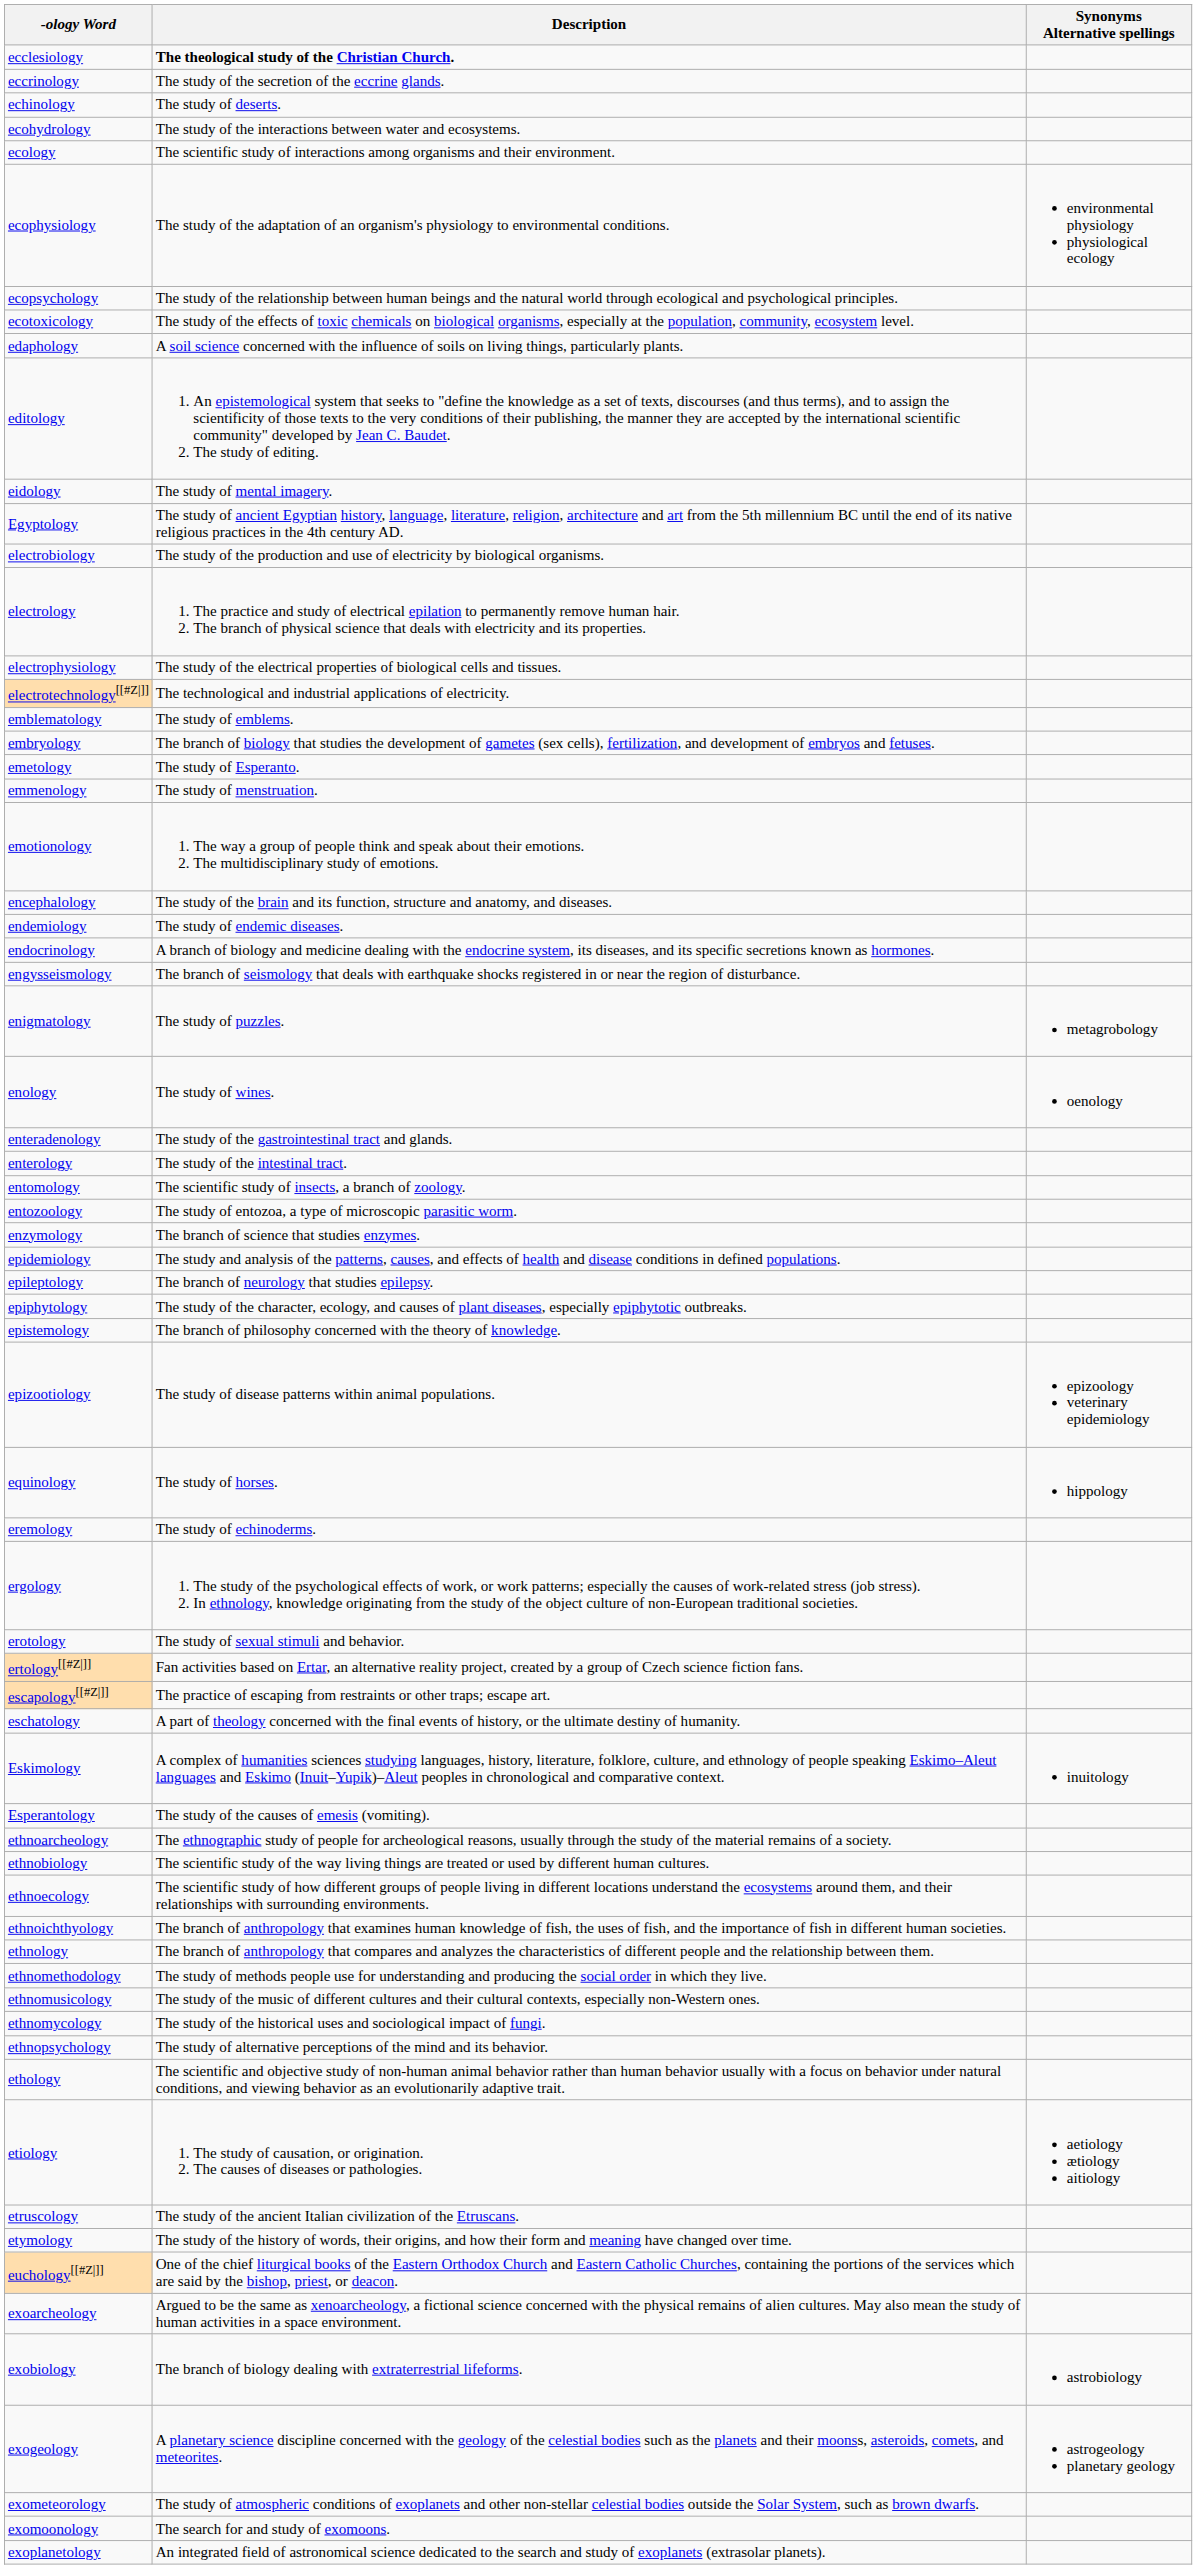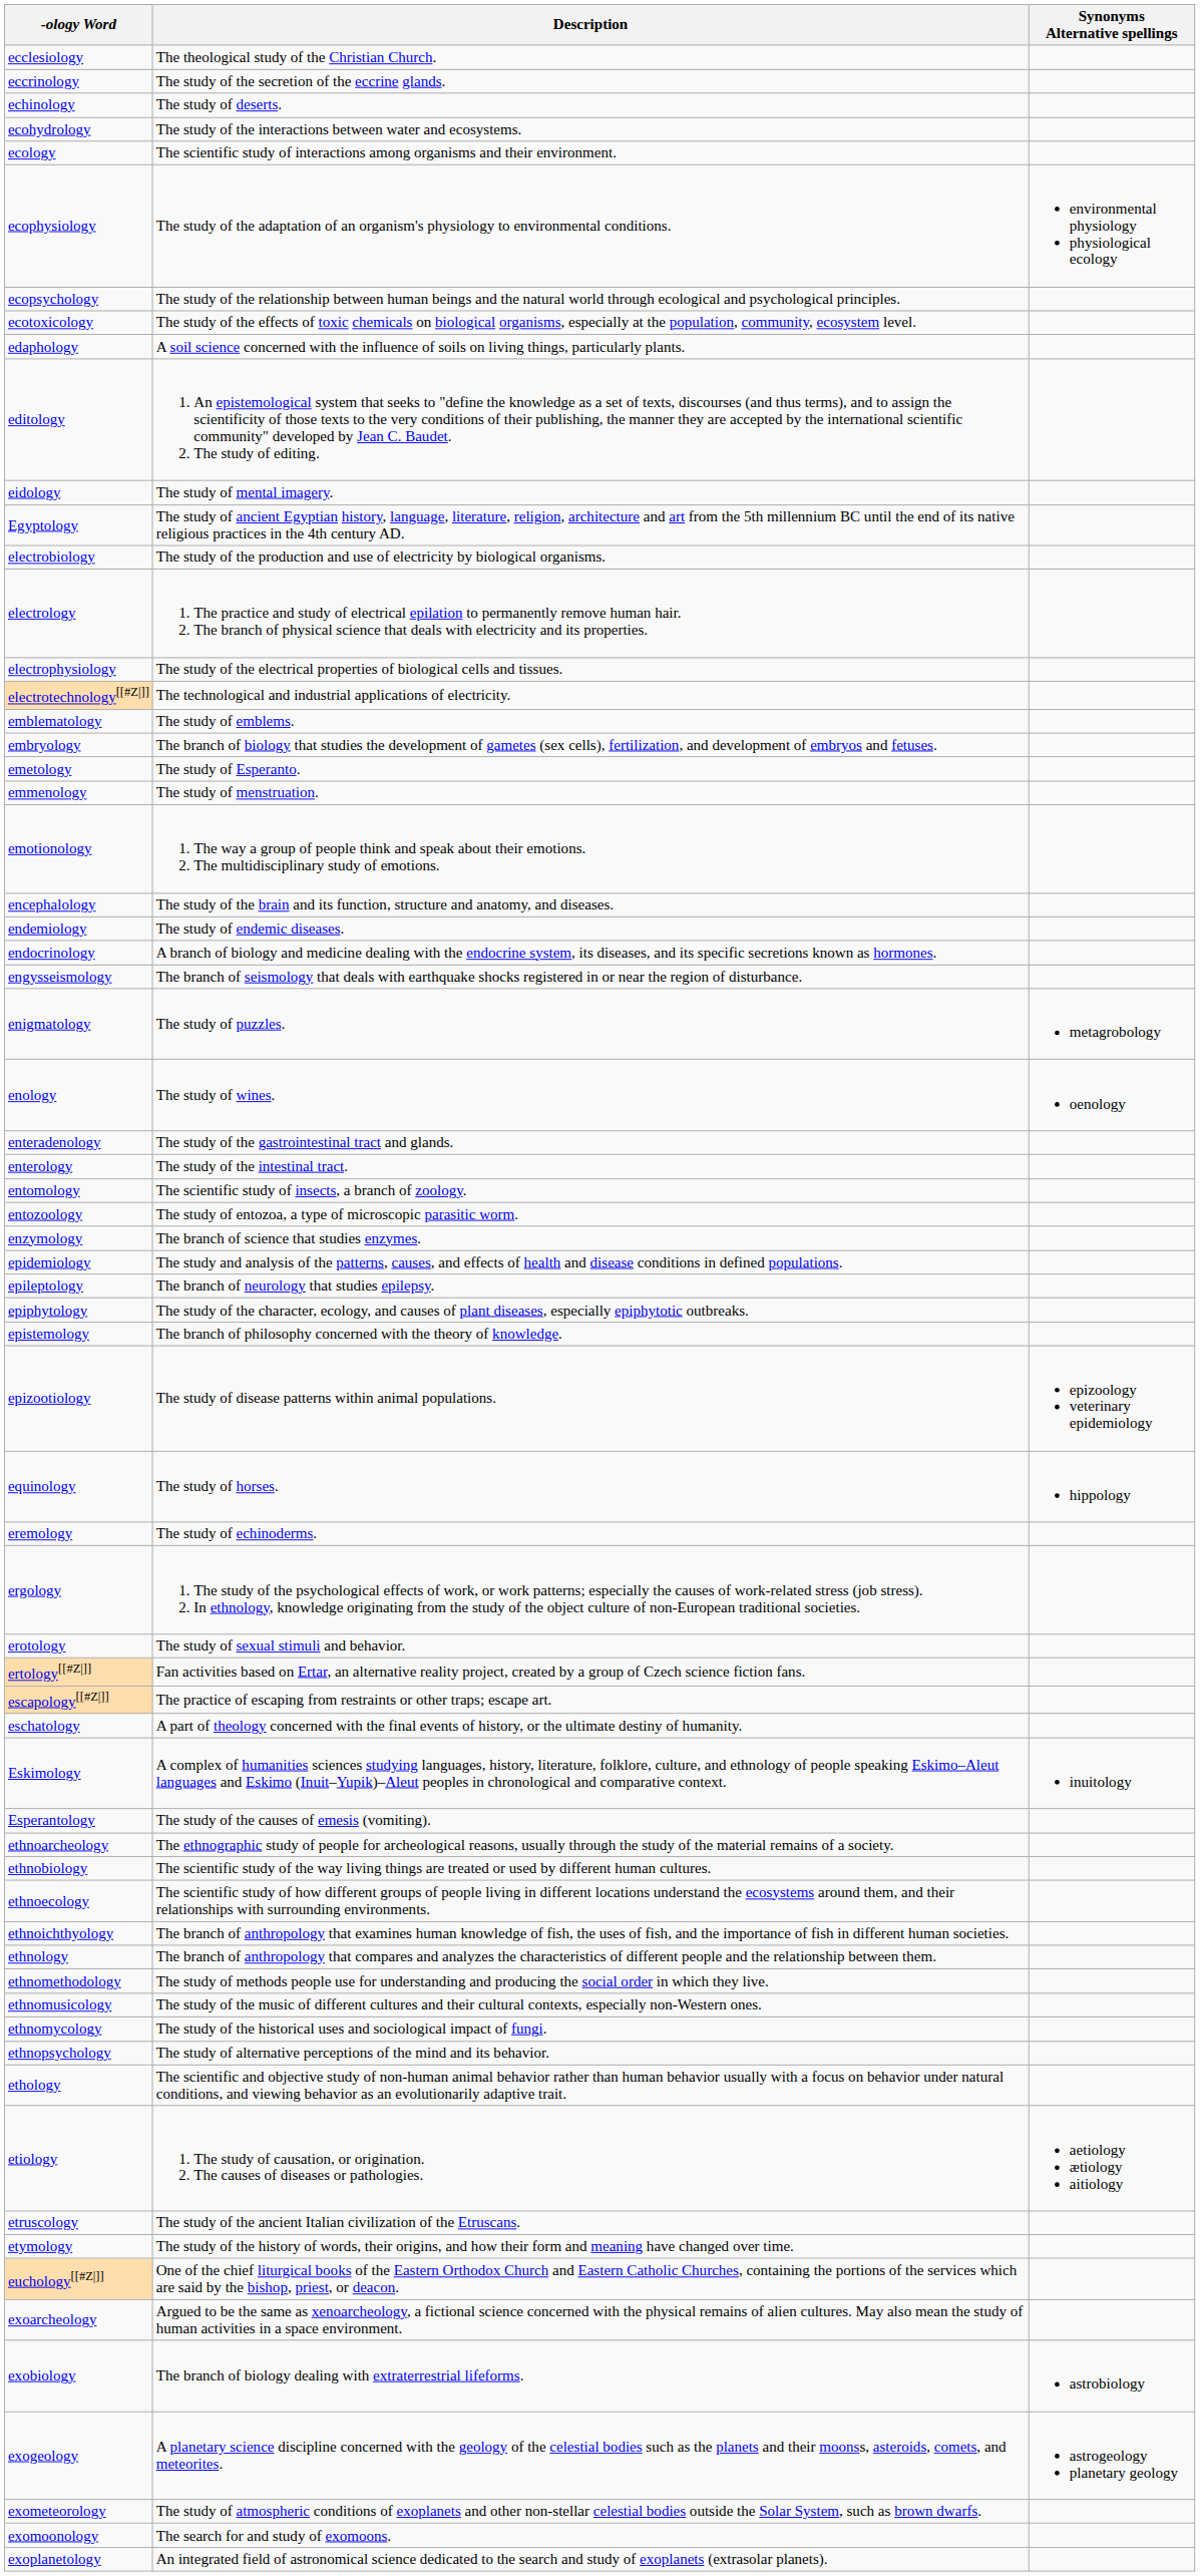 <table class="wikitable" style="width:100%;">
 <tr>
 <th><em>-ology Word</em></th>
 <th>Description</th>
 <th>Synonyms<br>Alternative spellings</th>
 </tr>
 <tr>
 <td><a href='#'>ecclesiology</a></td>
-<td><strong>The theological study of the <a href='#'>Christian Church</a>.</strong></td>
+<td>The theological study of the <a href='#'>Christian Church</a>.</td>
 <td></td>
 </tr>
 <tr>
 <td><a href='#'>eccrinology</a></td>
 <td>The study of the secretion of the <a href='#'>eccrine</a> <a href='#'>glands</a>.</td>
 <td></td>
 </tr>
 <tr>
 <td><a href='#'>echinology</a></td>
 <td>The study of <a href='#'>deserts</a>.</td>
 <td></td>
 </tr>
 <tr>
 <td><a href='#'>ecohydrology</a></td>
 <td>The study of the interactions between water and ecosystems.</td>
 <td></td>
 </tr>
 <tr>
 <td><a href='#'>ecology</a></td>
 <td>The scientific study of interactions among organisms and their environment.</td>
 <td></td>
 </tr>
 <tr>
 <td><a href='#'>ecophysiology</a></td>
 <td>The study of the adaptation of an organism's physiology to environmental conditions.</td>
 <td><br><ul><li>environmental physiology</li><li>physiological ecology</li></ul></td>
 </tr>
 <tr>
 <td><a href='#'>ecopsychology</a></td>
 <td>The study of the relationship between human beings and the natural world through ecological and psychological principles.</td>
 <td></td>
 </tr>
 <tr>
 <td><a href='#'>ecotoxicology</a></td>
 <td>The study of the effects of <a href='#'>toxic</a> <a href='#'>chemicals</a> on <a href='#'>biological</a> <a href='#'>organisms</a>, especially at the <a href='#'>population</a>, <a href='#'>community</a>, <a href='#'>ecosystem</a> level.</td>
 <td></td>
 </tr>
 <tr>
 <td><a href='#'>edaphology</a></td>
 <td>A <a href='#'>soil science</a> concerned with the influence of soils on living things, particularly plants.</td>
 <td></td>
 </tr>
 <tr>
 <td><a href='#'>editology</a></td>
 <td><br><ol><li>An <a href='#'>epistemological</a> system that seeks to "define the knowledge as a set of texts, discourses (and thus terms), and to assign the scientificity of those texts to the very conditions of their publishing, the manner they are accepted by the international scientific community" developed by <a href='#'>Jean C. Baudet</a>.</li><li>The study of editing.</li></ol></td>
 <td></td>
 </tr>
 <tr>
 <td><a href='#'>eidology</a></td>
 <td>The study of <a href='#'>mental imagery</a>.</td>
 <td></td>
 </tr>
 <tr>
 <td><a href='#'>Egyptology</a></td>
 <td>The study of <a href='#'>ancient Egyptian</a> <a href='#'>history</a>, <a href='#'>language</a>, <a href='#'>literature</a>, <a href='#'>religion</a>, <a href='#'>architecture</a> and <a href='#'>art</a> from the 5th millennium BC until the end of its native religious practices in the 4th century AD.</td>
 <td></td>
 </tr>
 <tr>
 <td><a href='#'>electrobiology</a></td>
 <td>The study of the production and use of electricity by biological organisms.</td>
 <td></td>
 </tr>
 <tr>
 <td><a href='#'>electrology</a></td>
 <td><br><ol><li>The practice and study of electrical <a href='#'>epilation</a> to permanently remove human hair.</li><li>The branch of physical science that deals with electricity and its properties.</li></ol></td>
 <td></td>
 </tr>
 <tr>
 <td><a href='#'>electrophysiology</a></td>
 <td>The study of the electrical properties of biological cells and tissues.</td>
 <td></td>
 </tr>
 <tr>
 <td style="background: #ffdead"><a href='#'>electrotechnology</a><sup>[[#Z|]]</sup></td>
 <td>The technological and industrial applications of electricity.</td>
 <td></td>
 </tr>
 <tr>
 <td><a href='#'>emblematology</a></td>
 <td>The study of <a href='#'>emblems</a>.</td>
 <td></td>
 </tr>
 <tr>
 <td><a href='#'>embryology</a></td>
 <td>The branch of <a href='#'>biology</a> that studies the development of <a href='#'>gametes</a> (sex cells), <a href='#'>fertilization</a>, and development of <a href='#'>embryos</a> and <a href='#'>fetuses</a>.</td>
 <td></td>
 </tr>
 <tr>
 <td><a href='#'>emetology</a></td>
 <td>The study of <a href='#'>Esperanto</a>.</td>
 <td></td>
 </tr>
 <tr>
 <td><a href='#'>emmenology</a></td>
 <td>The study of <a href='#'>menstruation</a>.</td>
 <td></td>
 </tr>
 <tr>
 <td><a href='#'>emotionology</a></td>
 <td><br><ol><li>The way a group of people think and speak about their emotions.</li><li>The multidisciplinary study of emotions.</li></ol></td>
 <td></td>
 </tr>
 <tr>
 <td><a href='#'>encephalology</a></td>
 <td>The study of the <a href='#'>brain</a> and its function, structure and anatomy, and diseases.</td>
 <td></td>
 </tr>
 <tr>
 <td><a href='#'>endemiology</a></td>
 <td>The study of <a href='#'>endemic diseases</a>.</td>
 <td></td>
 </tr>
 <tr>
 <td><a href='#'>endocrinology</a></td>
 <td>A branch of biology and medicine dealing with the <a href='#'>endocrine system</a>, its diseases, and its specific secretions known as <a href='#'>hormones</a>.</td>
 <td></td>
 </tr>
 <tr>
 <td><a href='#'>engysseismology</a></td>
 <td>The branch of <a href='#'>seismology</a> that deals with earthquake shocks registered in or near the region of disturbance.</td>
 <td></td>
 </tr>
 <tr>
 <td><a href='#'>enigmatology</a></td>
 <td>The study of <a href='#'>puzzles</a>.</td>
 <td><br><ul><li>metagrobology</li></ul></td>
 </tr>
 <tr>
 <td><a href='#'>enology</a></td>
 <td>The study of <a href='#'>wines</a>.</td>
 <td><br><ul><li>oenology</li></ul></td>
 </tr>
 <tr>
 <td><a href='#'>enteradenology</a></td>
 <td>The study of the <a href='#'>gastrointestinal tract</a> and glands.</td>
 <td></td>
 </tr>
 <tr>
 <td><a href='#'>enterology</a></td>
 <td>The study of the <a href='#'>intestinal tract</a>.</td>
 <td></td>
 </tr>
 <tr>
 <td><a href='#'>entomology</a></td>
 <td>The scientific study of <a href='#'>insects</a>, a branch of <a href='#'>zoology</a>.</td>
 <td></td>
 </tr>
 <tr>
 <td><a href='#'>entozoology</a></td>
 <td>The study of entozoa, a type of microscopic <a href='#'>parasitic worm</a>.</td>
 <td></td>
 </tr>
 <tr>
 <td><a href='#'>enzymology</a></td>
 <td>The branch of science that studies <a href='#'>enzymes</a>.</td>
 <td></td>
 </tr>
 <tr>
 <td><a href='#'>epidemiology</a></td>
 <td>The study and analysis of the <a href='#'>patterns</a>, <a href='#'>causes</a>, and effects of <a href='#'>health</a> and <a href='#'>disease</a> conditions in defined <a href='#'>populations</a>.</td>
 <td></td>
 </tr>
 <tr>
 <td><a href='#'>epileptology</a></td>
 <td>The branch of <a href='#'>neurology</a> that studies <a href='#'>epilepsy</a>.</td>
 <td></td>
 </tr>
 <tr>
 <td><a href='#'>epiphytology</a></td>
 <td>The study of the character, ecology, and causes of <a href='#'>plant diseases</a>, especially <a href='#'>epiphytotic</a> outbreaks.</td>
 <td></td>
 </tr>
 <tr>
 <td><a href='#'>epistemology</a></td>
 <td>The branch of philosophy concerned with the theory of <a href='#'>knowledge</a>.</td>
 <td></td>
 </tr>
 <tr>
 <td><a href='#'>epizootiology</a></td>
 <td>The study of disease patterns within animal populations.</td>
 <td><br><ul><li>epizoology</li><li>veterinary epidemiology</li></ul></td>
 </tr>
 <tr>
 <td><a href='#'>equinology</a></td>
 <td>The study of <a href='#'>horses</a>.</td>
 <td><br><ul><li>hippology</li></ul></td>
 </tr>
 <tr>
 <td><a href='#'>eremology</a></td>
 <td>The study of <a href='#'>echinoderms</a>.</td>
 <td></td>
 </tr>
 <tr>
 <td><a href='#'>ergology</a></td>
 <td><br><ol><li>The study of the psychological effects of work, or work patterns; especially the causes of work-related stress (job stress).</li><li>In <a href='#'>ethnology</a>, knowledge originating from the study of the object culture of non-European traditional societies.</li></ol></td>
 <td></td>
 </tr>
 <tr>
 <td><a href='#'>erotology</a></td>
 <td>The study of <a href='#'>sexual stimuli</a> and behavior.</td>
 <td></td>
 </tr>
 <tr>
 <td style="background: #ffdead"><a href='#'>ertology</a><sup>[[#Z|]]</sup></td>
 <td>Fan activities based on <a href='#'>Ertar</a>, an alternative reality project, created by a group of Czech science fiction fans.</td>
 <td></td>
 </tr>
 <tr>
 <td style="background: #ffdead"><a href='#'>escapology</a><sup>[[#Z|]]</sup></td>
 <td>The practice of escaping from restraints or other traps; escape art.</td>
 <td></td>
 </tr>
 <tr>
 <td><a href='#'>eschatology</a></td>
 <td>A part of <a href='#'>theology</a> concerned with the final events of history, or the ultimate destiny of humanity.</td>
 <td></td>
 </tr>
 <tr>
 <td><a href='#'>Eskimology</a></td>
 <td>A complex of <a href='#'>humanities</a> sciences <a href='#'>studying</a> languages, history, literature, folklore, culture, and ethnology of people speaking <a href='#'>Eskimo–Aleut languages</a> and <a href='#'>Eskimo</a> (<a href='#'>Inuit</a>–<a href='#'>Yupik</a>)–<a href='#'>Aleut</a> peoples in chronological and comparative context.</td>
 <td><br><ul><li>inuitology</li></ul></td>
 </tr>
 <tr>
 <td><a href='#'>Esperantology</a></td>
 <td>The study of the causes of <a href='#'>emesis</a> (vomiting).</td>
 <td></td>
 </tr>
 <tr>
 <td><a href='#'>ethnoarcheology</a></td>
 <td>The <a href='#'>ethnographic</a> study of people for archeological reasons, usually through the study of the material remains of a society.</td>
 <td></td>
 </tr>
 <tr>
 <td><a href='#'>ethnobiology</a></td>
 <td>The scientific study of the way living things are treated or used by different human cultures.</td>
 <td></td>
 </tr>
 <tr>
 <td><a href='#'>ethnoecology</a></td>
 <td>The scientific study of how different groups of people living in different locations understand the <a href='#'>ecosystems</a> around them, and their relationships with surrounding environments.</td>
 <td></td>
 </tr>
 <tr>
 <td><a href='#'>ethnoichthyology</a></td>
 <td>The branch of <a href='#'>anthropology</a> that examines human knowledge of fish, the uses of fish, and the importance of fish in different human societies.</td>
 <td></td>
 </tr>
 <tr>
 <td><a href='#'>ethnology</a></td>
 <td>The branch of <a href='#'>anthropology</a> that compares and analyzes the characteristics of different people and the relationship between them.</td>
 <td></td>
 </tr>
 <tr>
 <td><a href='#'>ethnomethodology</a></td>
 <td>The study of methods people use for understanding and producing the <a href='#'>social order</a> in which they live.</td>
 <td></td>
 </tr>
 <tr>
 <td><a href='#'>ethnomusicology</a></td>
 <td>The study of the music of different cultures and their cultural contexts, especially non-Western ones.</td>
 <td></td>
 </tr>
 <tr>
 <td><a href='#'>ethnomycology</a></td>
 <td>The study of the historical uses and sociological impact of <a href='#'>fungi</a>.</td>
 <td></td>
 </tr>
 <tr>
 <td><a href='#'>ethnopsychology</a></td>
 <td>The study of alternative perceptions of the mind and its behavior.</td>
 <td></td>
 </tr>
 <tr>
 <td><a href='#'>ethology</a></td>
 <td>The scientific and objective study of non-human animal behavior rather than human behavior usually with a focus on behavior under natural conditions, and viewing behavior as an evolutionarily adaptive trait.</td>
 <td></td>
 </tr>
 <tr>
 <td><a href='#'>etiology</a></td>
 <td><br><ol><li>The study of causation, or origination.</li><li>The causes of diseases or pathologies.</li></ol></td>
 <td><br><ul><li>aetiology</li><li>ætiology</li><li>aitiology</li></ul></td>
 </tr>
 <tr>
 <td><a href='#'>etruscology</a></td>
 <td>The study of the ancient Italian civilization of the <a href='#'>Etruscans</a>.</td>
 <td></td>
 </tr>
 <tr>
 <td><a href='#'>etymology</a></td>
 <td>The study of the history of words, their origins, and how their form and <a href='#'>meaning</a> have changed over time.</td>
 <td></td>
 </tr>
 <tr>
 <td style="background: #ffdead"><a href='#'>euchology</a><sup>[[#Z|]]</sup></td>
 <td>One of the chief <a href='#'>liturgical books</a> of the <a href='#'>Eastern Orthodox Church</a> and <a href='#'>Eastern Catholic Churches</a>, containing the portions of the services which are said by the <a href='#'>bishop</a>, <a href='#'>priest</a>, or <a href='#'>deacon</a>.</td>
 <td></td>
 </tr>
 <tr>
 <td><a href='#'>exoarcheology</a></td>
 <td>Argued to be the same as <a href='#'>xenoarcheology</a>, a fictional science concerned with the physical remains of alien cultures. May also mean the study of human activities in a space environment.</td>
 <td></td>
 </tr>
 <tr>
 <td><a href='#'>exobiology</a></td>
 <td>The branch of biology dealing with <a href='#'>extraterrestrial lifeforms</a>.</td>
 <td><br><ul><li>astrobiology</li></ul></td>
 </tr>
 <tr>
 <td><a href='#'>exogeology</a></td>
 <td>A <a href='#'>planetary science</a> discipline concerned with the <a href='#'>geology</a> of the <a href='#'>celestial bodies</a> such as the <a href='#'>planets</a> and their <a href='#'>moons</a>s, <a href='#'>asteroids</a>, <a href='#'>comets</a>, and <a href='#'>meteorites</a>.</td>
 <td><br><ul><li>astrogeology</li><li>planetary geology</li></ul></td>
 </tr>
 <tr>
 <td><a href='#'>exometeorology</a></td>
 <td>The study of <a href='#'>atmospheric</a> conditions of <a href='#'>exoplanets</a> and other non-stellar <a href='#'>celestial bodies</a> outside the <a href='#'>Solar System</a>, such as <a href='#'>brown dwarfs</a>.</td>
 <td></td>
 </tr>
 <tr>
 <td><a href='#'>exomoonology</a></td>
 <td>The search for and study of <a href='#'>exomoons</a>.</td>
 <td></td>
 </tr>
 <tr>
 <td><a href='#'>exoplanetology</a></td>
 <td>An integrated field of astronomical science dedicated to the search and study of <a href='#'>exoplanets</a> (extrasolar planets).</td>
 <td></td>
 </tr>
 </table>
